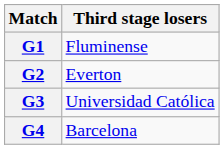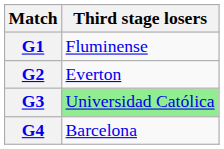 <table class="wikitable">
 <tr>
 <th>Match</th>
 <th>Third stage losers</th>
 </tr>
 <tr>
 <th><a href='#'>G1</a></th>
 <td> <a href='#'>Fluminense</a></td>
 </tr>
 <tr>
 <th><a href='#'>G2</a></th>
 <td> <a href='#'>Everton</a></td>
 </tr>
 <tr>
 <th><a href='#'>G3</a></th>
-<td> <a href='#'>Universidad Católica</a></td>
+<td style="background: lightgreen;"> <a href='#'>Universidad Católica</a></td>
 </tr>
 <tr>
 <th><a href='#'>G4</a></th>
 <td> <a href='#'>Barcelona</a></td>
 </tr>
 </table>
